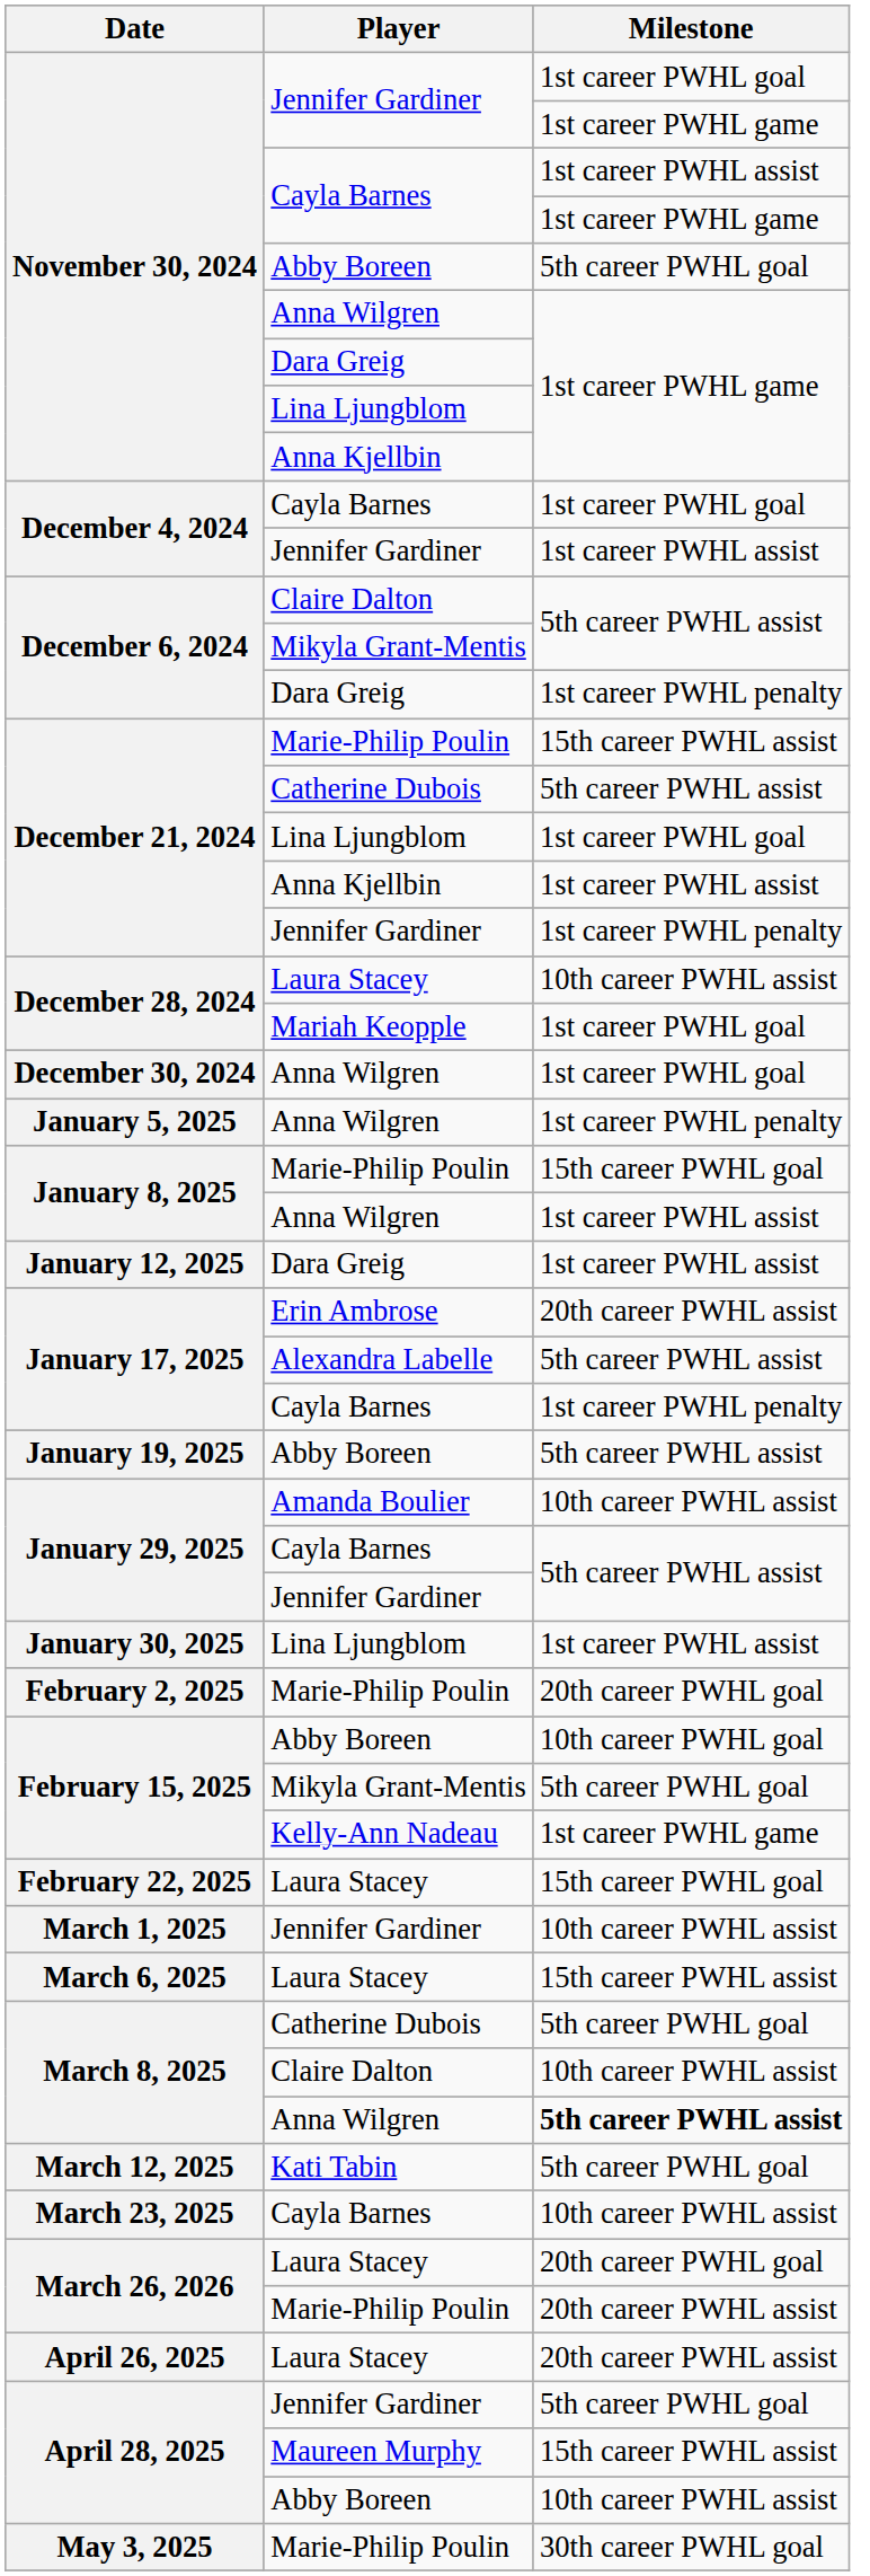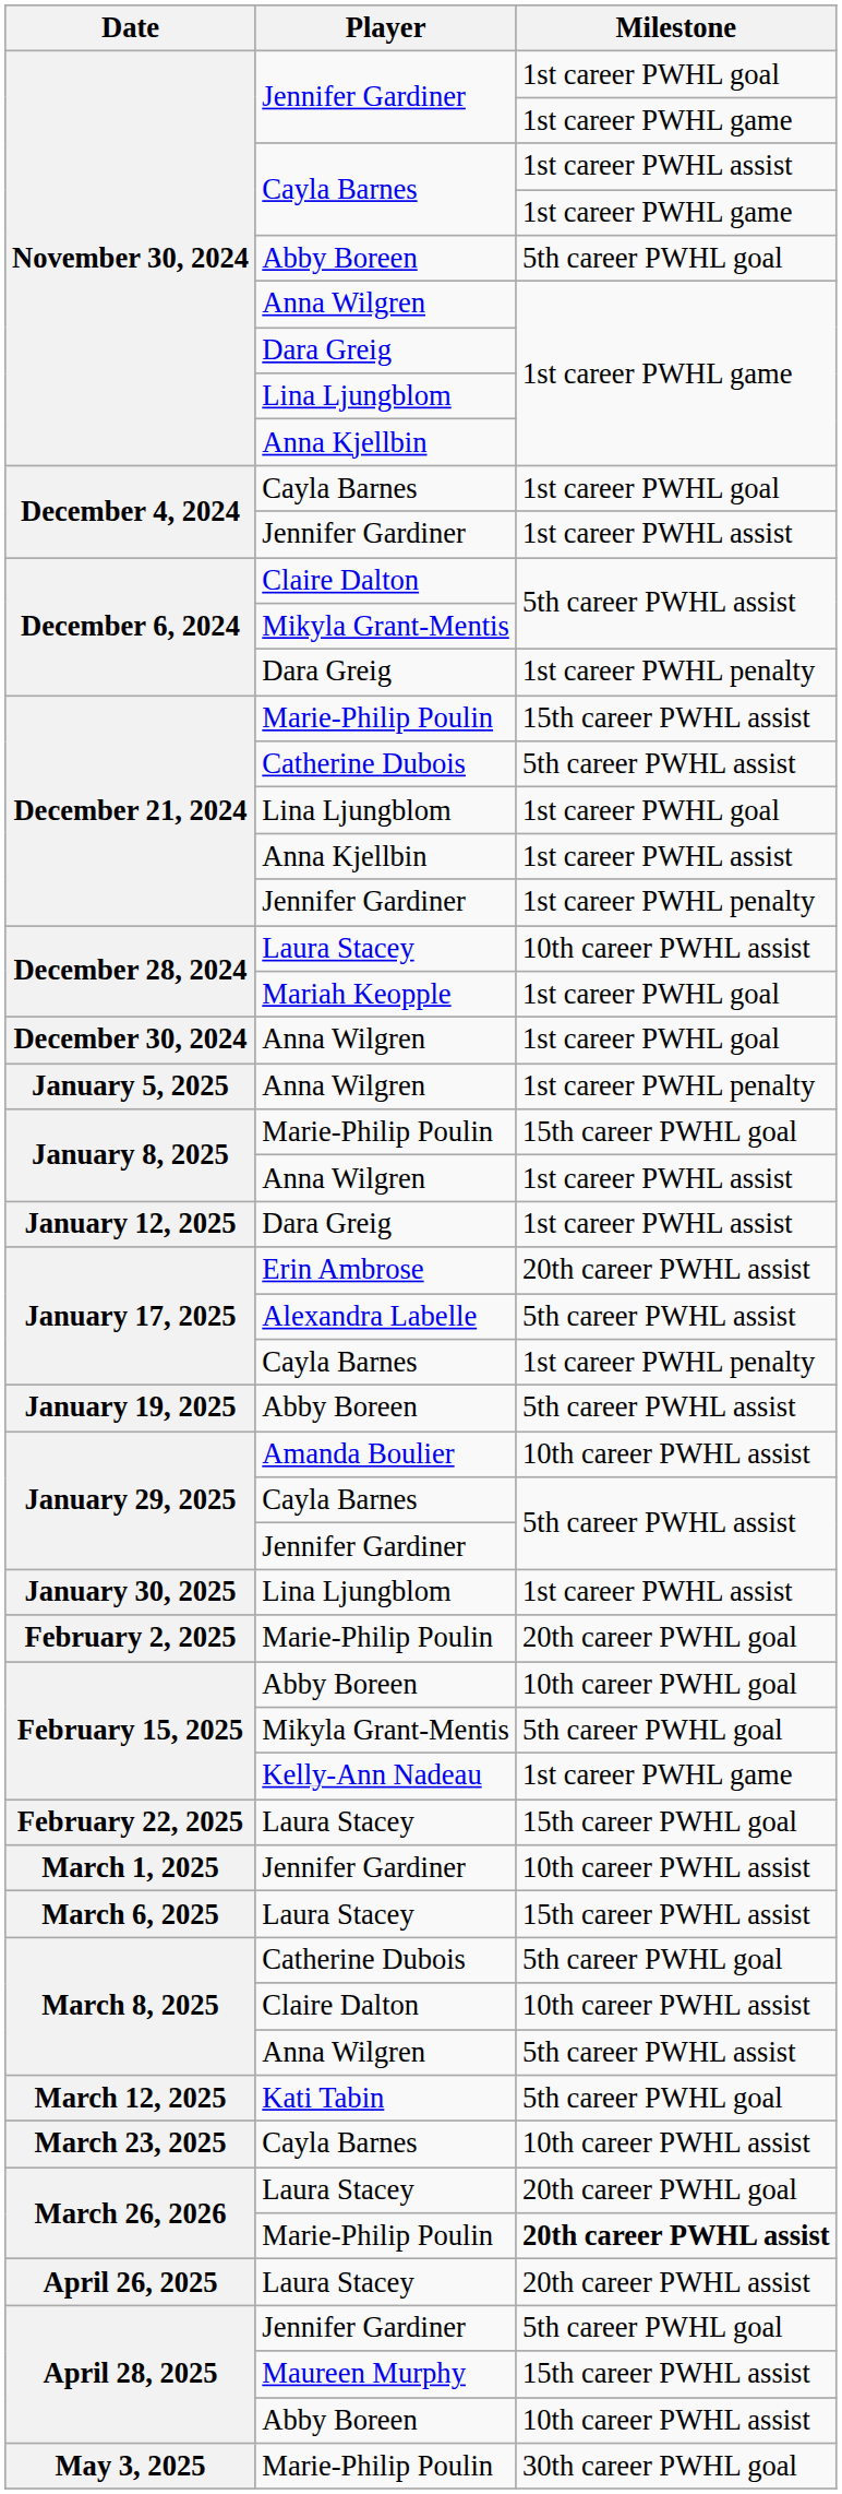 <table class="wikitable">
 <tr>
 <th scope="col">Date</th>
 <th scope="col">Player</th>
 <th scope="col">Milestone</th>
 </tr>
 <tr>
 <th scope="rowgroup" rowspan="9">November 30, 2024</th>
 <td rowspan="2"><a href='#'>Jennifer Gardiner</a></td>
 <td>1st career PWHL goal</td>
 </tr>
 <tr>
 <td>1st career PWHL game</td>
 </tr>
 <tr>
 <td rowspan="2"><a href='#'>Cayla Barnes</a></td>
 <td>1st career PWHL assist</td>
 </tr>
 <tr>
 <td>1st career PWHL game</td>
 </tr>
 <tr>
 <td><a href='#'>Abby Boreen</a></td>
 <td>5th career PWHL goal</td>
 </tr>
 <tr>
 <td><a href='#'>Anna Wilgren</a></td>
 <td rowspan="4">1st career PWHL game</td>
 </tr>
 <tr>
 <td><a href='#'>Dara Greig</a></td>
 </tr>
 <tr>
 <td><a href='#'>Lina Ljungblom</a></td>
 </tr>
 <tr>
 <td><a href='#'>Anna Kjellbin</a></td>
 </tr>
 <tr>
 <th scope="rowgroup" rowspan="2">December 4, 2024</th>
 <td>Cayla Barnes</td>
 <td>1st career PWHL goal</td>
 </tr>
 <tr>
 <td>Jennifer Gardiner</td>
 <td>1st career PWHL assist</td>
 </tr>
 <tr>
 <th scope="rowgroup" rowspan="3">December 6, 2024</th>
 <td><a href='#'>Claire Dalton</a></td>
 <td rowspan="2">5th career PWHL assist</td>
 </tr>
 <tr>
 <td><a href='#'>Mikyla Grant-Mentis</a></td>
 </tr>
 <tr>
 <td>Dara Greig</td>
 <td>1st career PWHL penalty</td>
 </tr>
 <tr>
 <th scope="rowgroup" rowspan="5">December 21, 2024</th>
 <td><a href='#'>Marie-Philip Poulin</a></td>
 <td>15th career PWHL assist</td>
 </tr>
 <tr>
 <td><a href='#'>Catherine Dubois</a></td>
 <td>5th career PWHL assist</td>
 </tr>
 <tr>
 <td>Lina Ljungblom</td>
 <td>1st career PWHL goal</td>
 </tr>
 <tr>
 <td>Anna Kjellbin</td>
 <td>1st career PWHL assist</td>
 </tr>
 <tr>
 <td>Jennifer Gardiner</td>
 <td>1st career PWHL penalty</td>
 </tr>
 <tr>
 <th scope="rowgroup" rowspan="2">December 28, 2024</th>
 <td><a href='#'>Laura Stacey</a></td>
 <td>10th career PWHL assist</td>
 </tr>
 <tr>
 <td><a href='#'>Mariah Keopple</a></td>
 <td>1st career PWHL goal</td>
 </tr>
 <tr>
 <th scope="rowgroup" rowspan="1">December 30, 2024</th>
 <td>Anna Wilgren</td>
 <td>1st career PWHL goal</td>
 </tr>
 <tr>
 <th scope="rowgroup" rowspan="1">January 5, 2025</th>
 <td>Anna Wilgren</td>
 <td>1st career PWHL penalty</td>
 </tr>
 <tr>
 <th scope="rowgroup" rowspan="2">January 8, 2025</th>
 <td>Marie-Philip Poulin</td>
 <td>15th career PWHL goal</td>
 </tr>
 <tr>
 <td>Anna Wilgren</td>
 <td>1st career PWHL assist</td>
 </tr>
 <tr>
 <th scope="rowgroup" rowspan="1">January 12, 2025</th>
 <td>Dara Greig</td>
 <td>1st career PWHL assist</td>
 </tr>
 <tr>
 <th scope="rowgroup" rowspan="3">January 17, 2025</th>
 <td><a href='#'>Erin Ambrose</a></td>
 <td>20th career PWHL assist</td>
 </tr>
 <tr>
 <td><a href='#'>Alexandra Labelle</a></td>
 <td>5th career PWHL assist</td>
 </tr>
 <tr>
 <td>Cayla Barnes</td>
 <td>1st career PWHL penalty</td>
 </tr>
 <tr>
 <th scope="rowgroup" rowspan="1">January 19, 2025</th>
 <td>Abby Boreen</td>
 <td>5th career PWHL assist</td>
 </tr>
 <tr>
 <th scope="rowgroup" rowspan="3">January 29, 2025</th>
 <td><a href='#'>Amanda Boulier</a></td>
 <td>10th career PWHL assist</td>
 </tr>
 <tr>
 <td>Cayla Barnes</td>
 <td rowspan="2">5th career PWHL assist</td>
 </tr>
 <tr>
 <td>Jennifer Gardiner</td>
 </tr>
 <tr>
 <th scope="rowgroup" rowspan="1">January 30, 2025</th>
 <td>Lina Ljungblom</td>
 <td>1st career PWHL assist</td>
 </tr>
 <tr>
 <th scope="rowgroup" rowspan="1">February 2, 2025</th>
 <td>Marie-Philip Poulin</td>
 <td>20th career PWHL goal</td>
 </tr>
 <tr>
 <th scope="rowgroup" rowspan="3">February 15, 2025</th>
 <td>Abby Boreen</td>
 <td>10th career PWHL goal</td>
 </tr>
 <tr>
 <td>Mikyla Grant-Mentis</td>
 <td>5th career PWHL goal</td>
 </tr>
 <tr>
 <td><a href='#'>Kelly-Ann Nadeau</a></td>
 <td>1st career PWHL game</td>
 </tr>
 <tr>
 <th scope="row" rowspan="1">February 22, 2025</th>
 <td>Laura Stacey</td>
 <td>15th career PWHL goal</td>
 </tr>
 <tr>
 <th scope="row" rowspan="1">March 1, 2025</th>
 <td>Jennifer Gardiner</td>
 <td>10th career PWHL assist</td>
 </tr>
 <tr>
 <th scope="row" rowspan="1">March 6, 2025</th>
 <td>Laura Stacey</td>
 <td>15th career PWHL assist</td>
 </tr>
 <tr>
 <th scope="row" rowspan="3">March 8, 2025</th>
 <td>Catherine Dubois</td>
 <td>5th career PWHL goal</td>
 </tr>
 <tr>
 <td>Claire Dalton</td>
 <td>10th career PWHL assist</td>
 </tr>
 <tr>
 <td>Anna Wilgren</td>
-<td><strong>5th career PWHL assist</strong></td>
+<td>5th career PWHL assist</td>
 </tr>
 <tr>
 <th scope="row" rowspan="1">March 12, 2025</th>
 <td><a href='#'>Kati Tabin</a></td>
 <td>5th career PWHL goal</td>
 </tr>
 <tr>
 <th scope="row" rowspan="1">March 23, 2025</th>
 <td>Cayla Barnes</td>
 <td>10th career PWHL assist</td>
 </tr>
 <tr>
 <th scope="rowgroup" rowspan="2">March 26, 2026</th>
 <td>Laura Stacey</td>
 <td>20th career PWHL goal</td>
 </tr>
 <tr>
 <td>Marie-Philip Poulin</td>
-<td>20th career PWHL assist</td>
+<td><strong>20th career PWHL assist</strong></td>
 </tr>
 <tr>
 <th scope="rowgroup" rowspan="1">April 26, 2025</th>
 <td>Laura Stacey</td>
 <td>20th career PWHL assist</td>
 </tr>
 <tr>
 <th scope="rowgroup" rowspan="3">April 28, 2025</th>
 <td>Jennifer Gardiner</td>
 <td>5th career PWHL goal</td>
 </tr>
 <tr>
 <td><a href='#'>Maureen Murphy</a></td>
 <td>15th career PWHL assist</td>
 </tr>
 <tr>
 <td>Abby Boreen</td>
 <td>10th career PWHL assist</td>
 </tr>
 <tr>
 <th scope="rowgroup" rowspan="1">May 3, 2025</th>
 <td>Marie-Philip Poulin</td>
 <td>30th career PWHL goal</td>
 </tr>
 </table>
